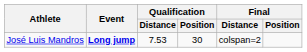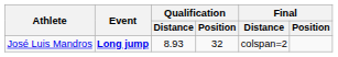 <table class=wikitable style=font-size:90%>
 <tr>
 <th rowspan=2>Athlete</th>
 <th rowspan=2>Event</th>
 <th colspan=2>Qualification</th>
 <th colspan=2>Final</th>
 </tr>
 <tr style=font-size:95%>
 <th>Distance</th>
 <th>Position</th>
 <th>Distance</th>
 <th>Position</th>
 </tr>
 <tr align=center>
 <td align=left><a href='#'>José Luis Mandros</a></td>
 <td align=left><strong><a href='#'>Long jump</a></strong></td>
-<td>7.53</td>
-<td>30</td>
+<td>8.93</td>
+<td>32</td>
 <td>colspan=2 </td>
 </tr>
 </table>
